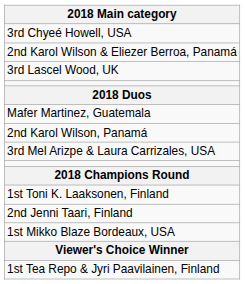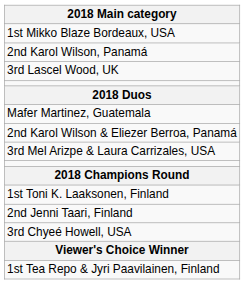 <table class="wikitable" style="float:left; margin-right:1em">
 <tr>
 <th>2018 Main category</th>
 </tr>
 <tr>
-<td>3rd Chyeé Howell, USA</td>
+<td>1st Mikko Blaze Bordeaux, USA</td>
 </tr>
 <tr>
-<td>2nd Karol Wilson & Eliezer Berroa, Panamá</td>
+<td>2nd Karol Wilson, Panamá</td>
 </tr>
 <tr>
 <td>3rd Lascel Wood, UK</td>
 </tr>
 <tr>
 <td></td>
 </tr>
 <tr>
 <th>2018 Duos</th>
 </tr>
 <tr>
 <td>Mafer Martinez, Guatemala</td>
 </tr>
 <tr>
-<td>2nd Karol Wilson, Panamá</td>
+<td>2nd Karol Wilson & Eliezer Berroa, Panamá</td>
 </tr>
 <tr>
 <td>3rd Mel Arizpe & Laura Carrizales, USA</td>
 </tr>
 <tr>
 <td></td>
 </tr>
 <tr>
 <th>2018 Champions Round</th>
 </tr>
 <tr>
 <td>1st Toni K. Laaksonen, Finland</td>
 </tr>
 <tr>
 <td>2nd Jenni Taari, Finland</td>
 </tr>
 <tr>
-<td>1st Mikko Blaze Bordeaux, USA</td>
+<td>3rd Chyeé Howell, USA</td>
 </tr>
 <tr>
 <th>Viewer's Choice Winner</th>
 </tr>
 <tr>
 <td>1st Tea Repo & Jyri Paavilainen, Finland</td>
 </tr>
 </table>
